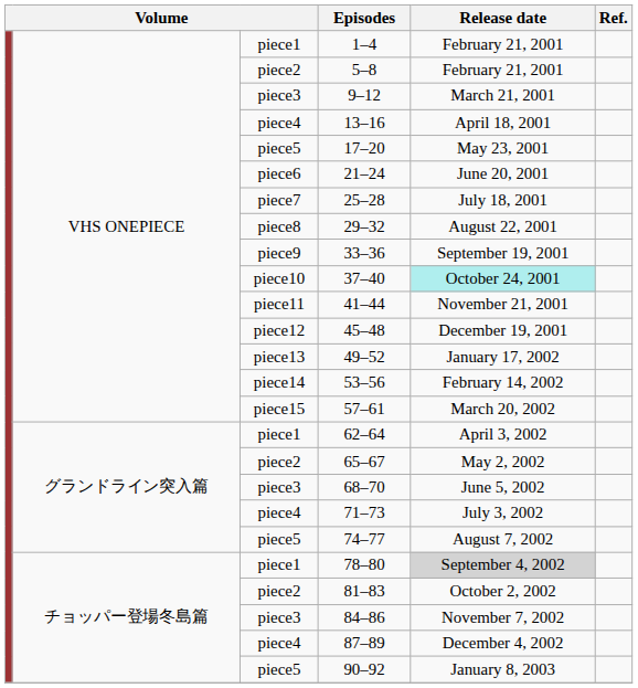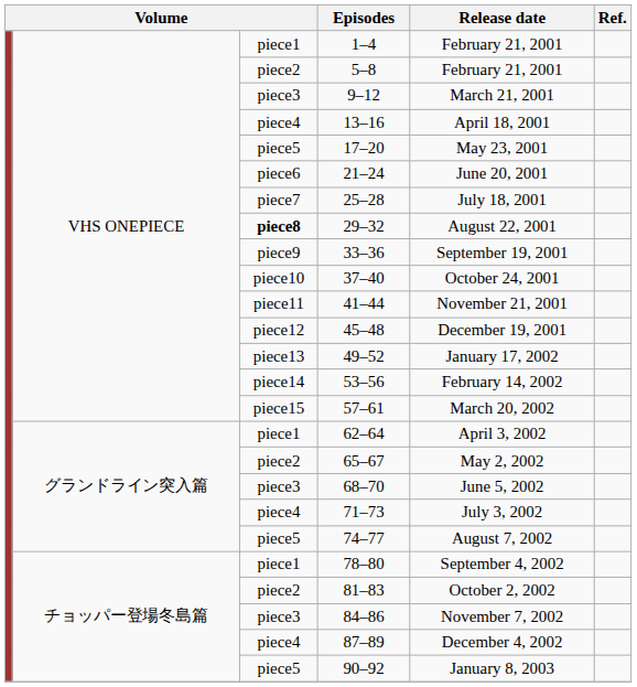 <table class="wikitable" style="text-align: center; width: 98%;">
 <tr>
 <th colspan="3">Volume</th>
 <th>Episodes</th>
 <th>Release date</th>
 <th style="width:5%;">Ref.</th>
 </tr>
 <tr>
 <td rowspan="25" style="width:1%; background:#9C3234;"></td>
 <td rowspan="15">VHS ONEPIECE</td>
 <td>piece1</td>
 <td>1–4</td>
 <td>February 21, 2001</td>
 <td></td>
 </tr>
 <tr>
 <td>piece2</td>
 <td>5–8</td>
 <td>February 21, 2001</td>
 <td></td>
 </tr>
 <tr>
 <td>piece3</td>
 <td>9–12</td>
 <td>March 21, 2001</td>
 <td></td>
 </tr>
 <tr>
 <td>piece4</td>
 <td>13–16</td>
 <td>April 18, 2001</td>
 <td></td>
 </tr>
 <tr>
 <td>piece5</td>
 <td>17–20</td>
 <td>May 23, 2001</td>
 <td></td>
 </tr>
 <tr>
 <td>piece6</td>
 <td>21–24</td>
 <td>June 20, 2001</td>
 <td></td>
 </tr>
 <tr>
 <td>piece7</td>
 <td>25–28</td>
 <td>July 18, 2001</td>
 <td></td>
 </tr>
 <tr>
-<td>piece8</td>
+<td><strong>piece8</strong></td>
 <td>29–32</td>
 <td>August 22, 2001</td>
 <td></td>
 </tr>
 <tr>
 <td>piece9</td>
 <td>33–36</td>
 <td>September 19, 2001</td>
 <td></td>
 </tr>
 <tr>
 <td>piece10</td>
 <td>37–40</td>
-<td style="background: paleturquoise;">October 24, 2001</td>
+<td>October 24, 2001</td>
 <td></td>
 </tr>
 <tr>
 <td>piece11</td>
 <td>41–44</td>
 <td>November 21, 2001</td>
 <td></td>
 </tr>
 <tr>
 <td>piece12</td>
 <td>45–48</td>
 <td>December 19, 2001</td>
 <td></td>
 </tr>
 <tr>
 <td>piece13</td>
 <td>49–52</td>
 <td>January 17, 2002</td>
 <td></td>
 </tr>
 <tr>
 <td>piece14</td>
 <td>53–56</td>
 <td>February 14, 2002</td>
 <td></td>
 </tr>
 <tr>
 <td>piece15</td>
 <td>57–61</td>
 <td>March 20, 2002</td>
 <td></td>
 </tr>
 <tr>
 <td rowspan="5">グランドライン突入篇</td>
 <td>piece1</td>
 <td>62–64</td>
 <td>April 3, 2002</td>
 <td></td>
 </tr>
 <tr>
 <td>piece2</td>
 <td>65–67</td>
 <td>May 2, 2002</td>
 <td></td>
 </tr>
 <tr>
 <td>piece3</td>
 <td>68–70</td>
 <td>June 5, 2002</td>
 <td></td>
 </tr>
 <tr>
 <td>piece4</td>
 <td>71–73</td>
 <td>July 3, 2002</td>
 <td></td>
 </tr>
 <tr>
 <td>piece5</td>
 <td>74–77</td>
 <td>August 7, 2002</td>
 <td></td>
 </tr>
 <tr>
 <td rowspan="5">チョッパー登場冬島篇</td>
 <td>piece1</td>
 <td>78–80</td>
-<td style="background: lightgrey;">September 4, 2002</td>
+<td>September 4, 2002</td>
 <td></td>
 </tr>
 <tr>
 <td>piece2</td>
 <td>81–83</td>
 <td>October 2, 2002</td>
 <td></td>
 </tr>
 <tr>
 <td>piece3</td>
 <td>84–86</td>
 <td>November 7, 2002</td>
 <td></td>
 </tr>
 <tr>
 <td>piece4</td>
 <td>87–89</td>
 <td>December 4, 2002</td>
 <td></td>
 </tr>
 <tr>
 <td>piece5</td>
 <td>90–92</td>
 <td>January 8, 2003</td>
 <td></td>
 </tr>
 <tr>
 </tr>
 </table>
